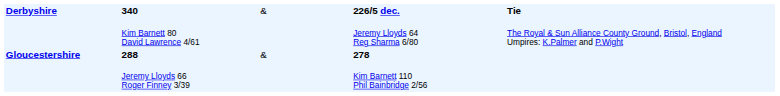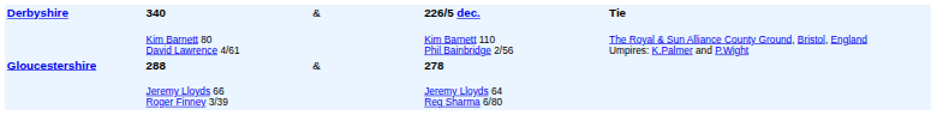 <table width="100%" style="background: #EBF5FF">
 <tr>
 <td width="15%" valign="top" rowspan="2"><strong><a href='#'>Derbyshire</a></strong></td>
 <td width="18%"><strong>340</strong></td>
 <td width="12%">&</td>
 <td width="20%"><strong>226/5 <a href='#'>dec.</a></strong></td>
 <td width="35%"><strong>Tie</strong></td>
 </tr>
 <tr>
 <td style="font-size: 85%;" valign="top"><br><a href='#'>Kim Barnett</a> 80<br> <a href='#'>David Lawrence</a> 4/61</td>
 <td></td>
-<td valign="top" style="font-size: 85%;"><br><a href='#'>Jeremy Lloyds</a> 64<br> <a href='#'>Reg Sharma</a> 6/80</td>
+<td style="font-size: 85%;"><br><a href='#'>Kim Barnett</a> 110<br> <a href='#'>Phil Bainbridge</a> 2/56</td>
 <td valign="top" style="font-size: 85%;" rowspan="3"><br><a href='#'>The Royal & Sun Alliance County Ground</a>, <a href='#'>Bristol</a>, <a href='#'>England</a><br> Umpires: <a href='#'>K.Palmer</a> and <a href='#'>P.Wight</a></td>
 </tr>
 <tr>
 <td valign="top" rowspan="2"><strong><a href='#'>Gloucestershire</a></strong></td>
 <td><strong>288</strong></td>
 <td>&</td>
 <td><strong>278</strong></td>
 </tr>
 <tr>
 <td style="font-size: 85%;"><br><a href='#'>Jeremy Lloyds</a> 66<br> <a href='#'>Roger Finney</a> 3/39</td>
 <td></td>
-<td style="font-size: 85%;"><br><a href='#'>Kim Barnett</a> 110<br> <a href='#'>Phil Bainbridge</a> 2/56</td>
+<td valign="top" style="font-size: 85%;"><br><a href='#'>Jeremy Lloyds</a> 64<br> <a href='#'>Reg Sharma</a> 6/80</td>
 </tr>
 </table>
